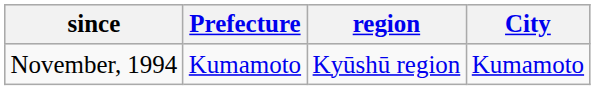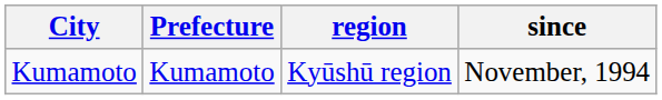 <table class="wikitable">
 <tr>
-<th>since</th>
+<th><a href='#'>City</a></th>
 <th><a href='#'>Prefecture</a></th>
 <th><a href='#'>region</a></th>
-<th><a href='#'>City</a></th>
+<th>since</th>
 </tr>
 <tr>
-<td>November, 1994</td>
+<td> <a href='#'>Kumamoto</a></td>
 <td> <a href='#'>Kumamoto</a></td>
 <td><a href='#'>Kyūshū region</a></td>
-<td> <a href='#'>Kumamoto</a></td>
+<td>November, 1994</td>
 </tr>
 </table>
